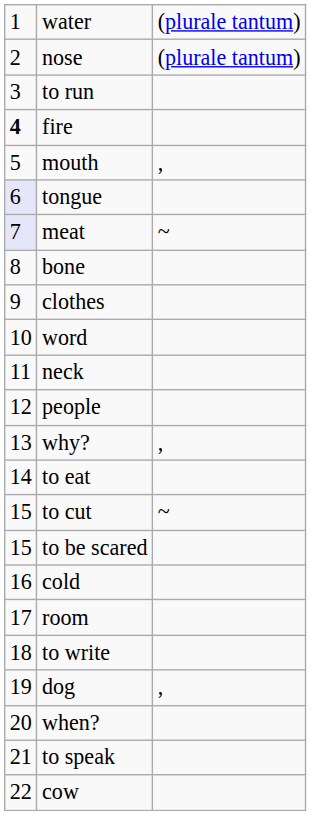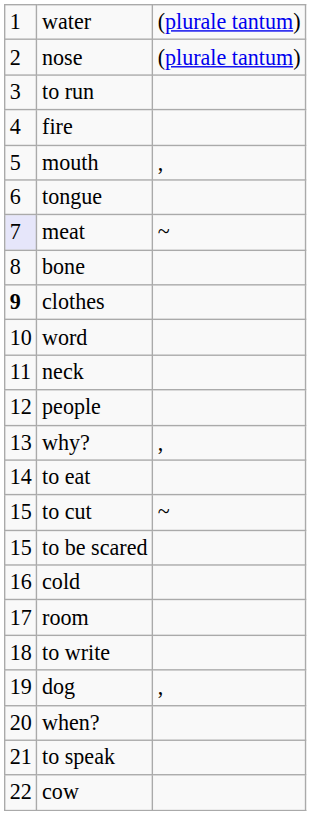 <table class="wikitable" border="1">
 <tr>
 <td>1</td>
 <td>water</td>
 <td> (<a href='#'>plurale tantum</a>)</td>
 </tr>
 <tr>
 <td>2</td>
 <td>nose</td>
 <td> (<a href='#'>plurale tantum</a>)</td>
 </tr>
 <tr>
 <td>3</td>
 <td>to run</td>
 <td></td>
 </tr>
 <tr>
-<td><strong>4</strong></td>
+<td>4</td>
 <td>fire</td>
 <td></td>
 </tr>
 <tr>
 <td>5</td>
 <td>mouth</td>
 <td>, </td>
 </tr>
 <tr>
-<td style="background: lavender;">6</td>
+<td>6</td>
 <td>tongue</td>
 <td></td>
 </tr>
 <tr>
 <td style="background: lavender;">7</td>
 <td>meat</td>
 <td> ~ </td>
 </tr>
 <tr>
 <td>8</td>
 <td>bone</td>
 <td></td>
 </tr>
 <tr>
-<td>9</td>
+<td><strong>9</strong></td>
 <td>clothes</td>
 <td></td>
 </tr>
 <tr>
 <td>10</td>
 <td>word</td>
 <td></td>
 </tr>
 <tr>
 <td>11</td>
 <td>neck</td>
 <td></td>
 </tr>
 <tr>
 <td>12</td>
 <td>people</td>
 <td></td>
 </tr>
 <tr>
 <td>13</td>
 <td>why?</td>
 <td>, </td>
 </tr>
 <tr>
 <td>14</td>
 <td>to eat</td>
 <td></td>
 </tr>
 <tr>
 <td>15</td>
 <td>to cut</td>
 <td> ~ </td>
 </tr>
 <tr>
 <td>15</td>
 <td>to be scared</td>
 <td></td>
 </tr>
 <tr>
 <td>16</td>
 <td>cold</td>
 <td></td>
 </tr>
 <tr>
 <td>17</td>
 <td>room</td>
 <td></td>
 </tr>
 <tr>
 <td>18</td>
 <td>to write</td>
 <td></td>
 </tr>
 <tr>
 <td>19</td>
 <td>dog</td>
 <td>, </td>
 </tr>
 <tr>
 <td>20</td>
 <td>when?</td>
 <td></td>
 </tr>
 <tr>
 <td>21</td>
 <td>to speak</td>
 <td></td>
 </tr>
 <tr>
 <td>22</td>
 <td>cow</td>
 <td></td>
 </tr>
 <tr>
 </tr>
 </table>
